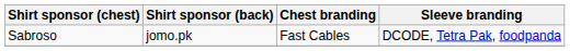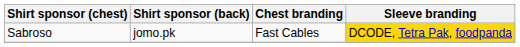 <table class="wikitable"  style="font-size:85%;">
 <tr>
 <th>Shirt sponsor (chest)</th>
 <th>Shirt sponsor (back)</th>
 <th>Chest branding</th>
 <th>Sleeve branding</th>
 </tr>
 <tr>
 <td>Sabroso</td>
 <td>jomo.pk</td>
 <td>Fast Cables</td>
-<td>DCODE, <a href='#'>Tetra Pak</a>, <a href='#'>foodpanda</a></td>
+<td style="background: gold;">DCODE, <a href='#'>Tetra Pak</a>, <a href='#'>foodpanda</a></td>
 </tr>
 <tr>
 </tr>
 </table>
